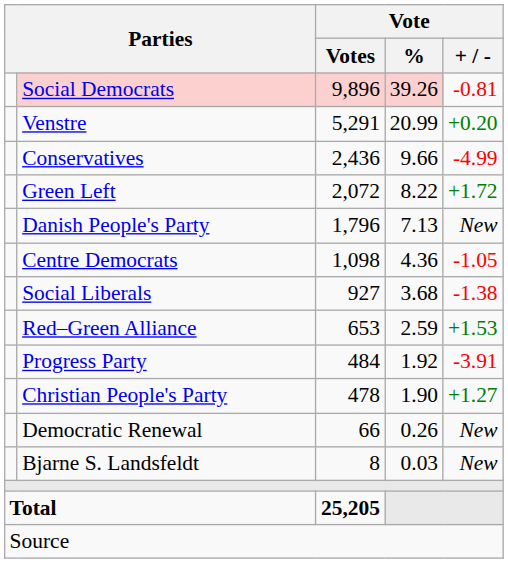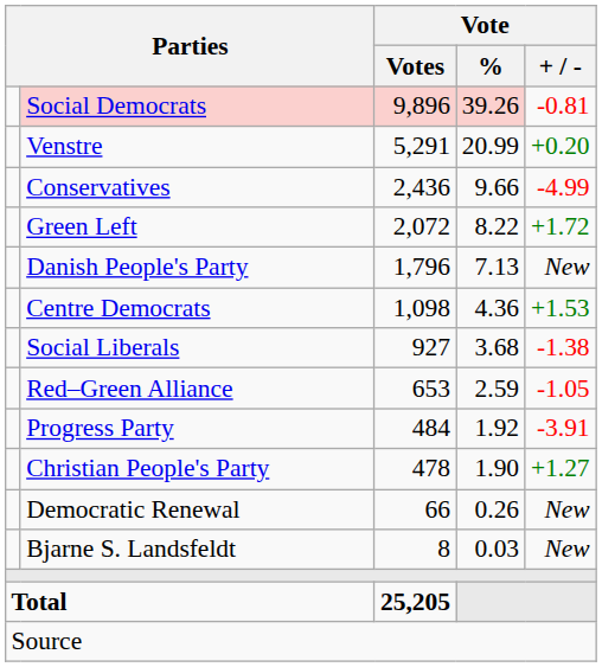 <table class="wikitable" style="text-align:right;">
 <tr>
 <th style="text-align:centre;" rowspan="2" colspan="2" width="225">Parties</th>
 <th colspan="3">Vote</th>
 </tr>
 <tr>
 <th width="15">Votes</th>
 <th width="15">%</th>
 <th width="15">+ / -</th>
 </tr>
 <tr>
 <td width="2" style="color:inherit;background:"></td>
 <td bgcolor=#fbd0ce  align="left"><a href='#'>Social Democrats</a></td>
 <td bgcolor=#fbd0ce>9,896</td>
 <td bgcolor=#fbd0ce>39.26</td>
 <td style=color:red;>-0.81</td>
 </tr>
 <tr>
 <td width="2" style="color:inherit;background:"></td>
 <td align="left"><a href='#'>Venstre</a></td>
 <td>5,291</td>
 <td>20.99</td>
 <td style=color:green;>+0.20</td>
 </tr>
 <tr>
 <td width="2" style="color:inherit;background:"></td>
 <td align="left"><a href='#'>Conservatives</a></td>
 <td>2,436</td>
 <td>9.66</td>
 <td style=color:red;>-4.99</td>
 </tr>
 <tr>
 <td width="2" style="color:inherit;background:"></td>
 <td align="left"><a href='#'>Green Left</a></td>
 <td>2,072</td>
 <td>8.22</td>
 <td style=color:green;>+1.72</td>
 </tr>
 <tr>
 <td width="2" style="color:inherit;background:"></td>
 <td align="left"><a href='#'>Danish People's Party</a></td>
 <td>1,796</td>
 <td>7.13</td>
 <td><em>New</em></td>
 </tr>
 <tr>
 <td width="2" style="color:inherit;background:"></td>
 <td align="left"><a href='#'>Centre Democrats</a></td>
 <td>1,098</td>
 <td>4.36</td>
-<td style=color:red;>-1.05</td>
+<td style=color:green;>+1.53</td>
 </tr>
 <tr>
 <td width="2" style="color:inherit;background:"></td>
 <td align="left"><a href='#'>Social Liberals</a></td>
 <td>927</td>
 <td>3.68</td>
 <td style=color:red;>-1.38</td>
 </tr>
 <tr>
 <td width="2" style="color:inherit;background:"></td>
 <td align="left"><a href='#'>Red–Green Alliance</a></td>
 <td>653</td>
 <td>2.59</td>
-<td style=color:green;>+1.53</td>
+<td style=color:red;>-1.05</td>
 </tr>
 <tr>
 <td width="2" style="color:inherit;background:"></td>
 <td align="left"><a href='#'>Progress Party</a></td>
 <td>484</td>
 <td>1.92</td>
 <td style=color:red;>-3.91</td>
 </tr>
 <tr>
 <td width="2" style="color:inherit;background:"></td>
 <td align="left"><a href='#'>Christian People's Party</a></td>
 <td>478</td>
 <td>1.90</td>
 <td style=color:green;>+1.27</td>
 </tr>
 <tr>
 <td width="2" style="color:inherit;background:"></td>
 <td align="left">Democratic Renewal</td>
 <td>66</td>
 <td>0.26</td>
 <td><em>New</em></td>
 </tr>
 <tr>
 <td width="2" style="color:inherit;background:"></td>
 <td align="left">Bjarne S. Landsfeldt</td>
 <td>8</td>
 <td>0.03</td>
 <td><em>New</em></td>
 </tr>
 <tr>
 <td colspan="7" bgcolor="#E9E9E9"></td>
 </tr>
 <tr>
 <td align="left" colspan="2"><strong>Total</strong></td>
 <td><strong>25,205</strong></td>
 <td bgcolor="#E9E9E9" colspan="2"></td>
 </tr>
 <tr>
 <td align="left" colspan="6">Source</td>
 </tr>
 </table>
